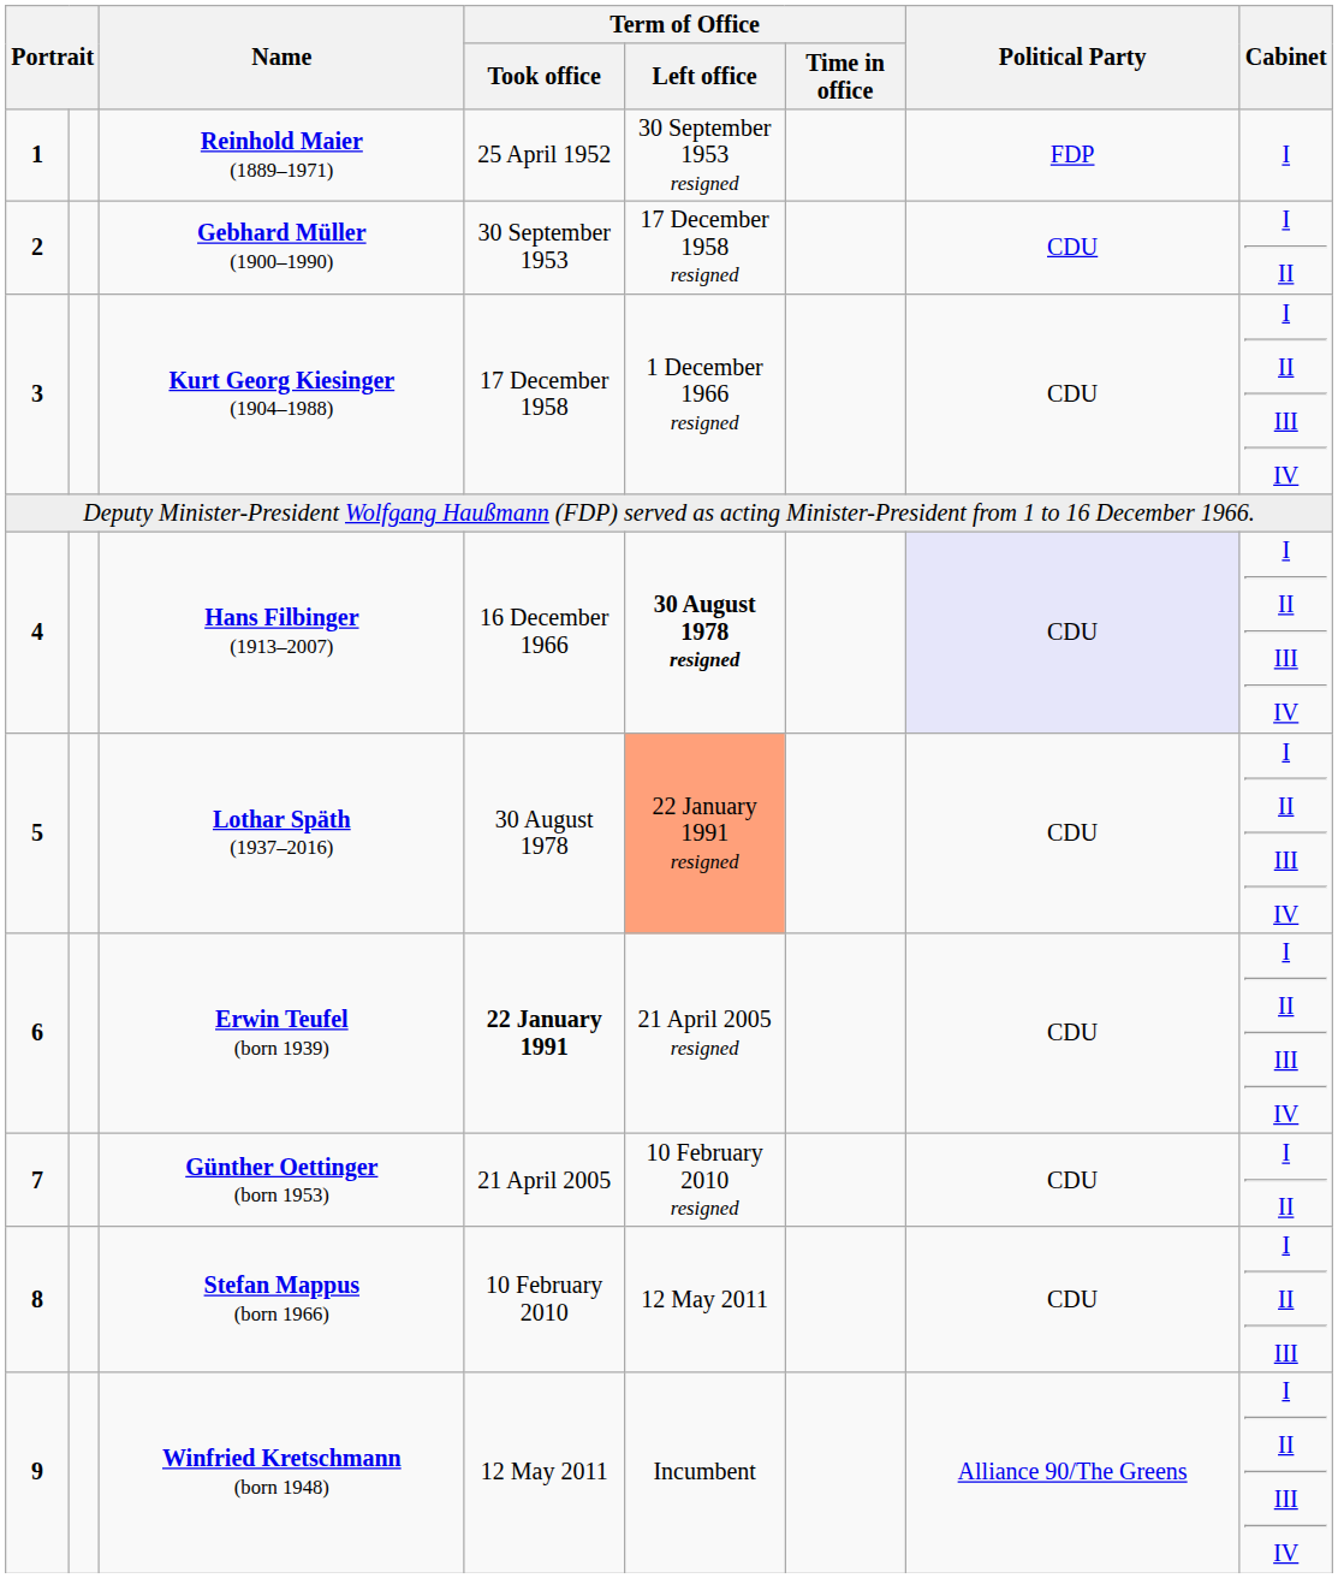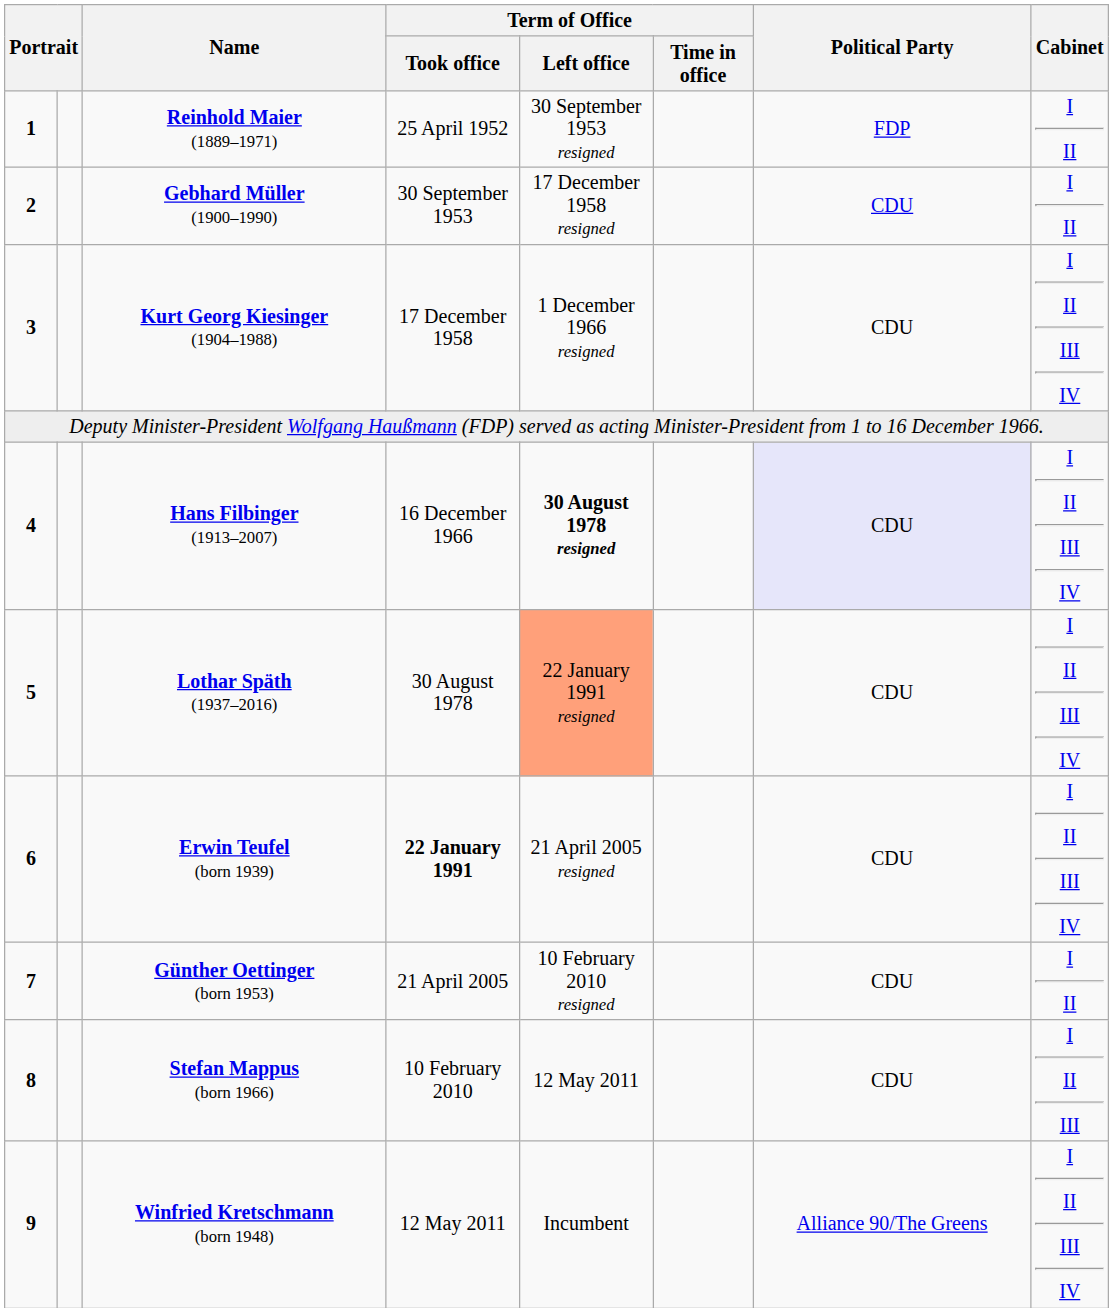 <table class="wikitable" style="text-align:center; width:100%; border:1px #AAAAFF solid">
 <tr>
 <th width=80px rowspan=2 colspan=2>Portrait</th>
 <th width=30% rowspan=2>Name<br></th>
 <th width=35% colspan=3>Term of Office</th>
 <th width=28% rowspan=2>Political Party</th>
 <th width=28% rowspan=2>Cabinet</th>
 </tr>
 <tr>
 <th>Took office</th>
 <th>Left office</th>
 <th>Time in office</th>
 </tr>
 <tr>
 <td style="background:"><strong>1</strong></td>
 <td></td>
 <td><strong><a href='#'>Reinhold Maier</a></strong><br><small>(1889–1971)</small></td>
 <td>25 April 1952</td>
 <td>30 September 1953<br><small><em>resigned</em></small></td>
 <td></td>
 <td><a href='#'>FDP</a></td>
-<td><a href='#'>I</a></td>
+<td><a href='#'>I</a><hr><a href='#'>II</a></td>
 </tr>
 <tr>
 <td style="background:"><strong>2</strong></td>
 <td></td>
 <td><strong><a href='#'>Gebhard Müller</a></strong><br><small>(1900–1990)</small></td>
 <td>30 September 1953</td>
 <td>17 December 1958<br><small><em>resigned</em></small></td>
 <td></td>
 <td><a href='#'>CDU</a></td>
 <td><a href='#'>I</a><hr><a href='#'>II</a></td>
 </tr>
 <tr>
 <td style="background:"><strong>3</strong></td>
 <td></td>
 <td><strong><a href='#'>Kurt Georg Kiesinger</a></strong><br><small>(1904–1988)</small></td>
 <td>17 December 1958</td>
 <td>1 December 1966<br><small><em>resigned</em></small></td>
 <td></td>
 <td>CDU</td>
 <td><a href='#'>I</a><hr><a href='#'>II</a><hr><a href='#'>III</a><hr><a href='#'>IV</a></td>
 </tr>
 <tr>
 <td bgcolor=#EEEEEE colspan=10><em>Deputy Minister-President <a href='#'>Wolfgang Haußmann</a> (FDP) served as acting Minister-President from 1 to 16 December 1966.</em></td>
 </tr>
 <tr>
 <td style="background:"><strong>4</strong></td>
 <td></td>
 <td><strong><a href='#'>Hans Filbinger</a></strong> <br><small>(1913–2007)</small></td>
 <td>16 December 1966</td>
 <td><strong>30 August 1978<br><small><em>resigned</em></small></strong></td>
 <td></td>
 <td style="background: lavender;">CDU</td>
 <td><a href='#'>I</a><hr><a href='#'>II</a><hr><a href='#'>III</a><hr><a href='#'>IV</a></td>
 </tr>
 <tr>
 <td style="background:"><strong>5</strong></td>
 <td></td>
 <td><strong><a href='#'>Lothar Späth</a></strong><br><small>(1937–2016)</small></td>
 <td>30 August 1978</td>
 <td style="background: lightsalmon;">22 January 1991<br><small><em>resigned</em></small></td>
 <td></td>
 <td>CDU</td>
 <td><a href='#'>I</a><hr><a href='#'>II</a><hr><a href='#'>III</a><hr><a href='#'>IV</a></td>
 </tr>
 <tr>
 <td style="background:"><strong>6</strong></td>
 <td></td>
 <td><strong><a href='#'>Erwin Teufel</a></strong><br><small>(born 1939)</small></td>
 <td><strong>22 January 1991</strong></td>
 <td>21 April 2005<br><small><em>resigned</em></small></td>
 <td></td>
 <td>CDU</td>
 <td><a href='#'>I</a><hr><a href='#'>II</a><hr><a href='#'>III</a><hr><a href='#'>IV</a></td>
 </tr>
 <tr>
 <td style="background:"><strong>7</strong></td>
 <td></td>
 <td><strong><a href='#'>Günther Oettinger</a></strong><br><small>(born 1953)</small></td>
 <td>21 April 2005</td>
 <td>10 February 2010<br><small><em>resigned</em></small></td>
 <td></td>
 <td>CDU</td>
 <td><a href='#'>I</a><hr><a href='#'>II</a></td>
 </tr>
 <tr>
 <td style="background:"><strong>8</strong></td>
 <td></td>
 <td><strong><a href='#'>Stefan Mappus</a></strong><br><small>(born 1966)</small></td>
 <td>10 February 2010</td>
 <td>12 May 2011</td>
 <td></td>
 <td>CDU</td>
 <td><a href='#'>I</a><hr><a href='#'>II</a><hr><a href='#'>III</a></td>
 </tr>
 <tr>
 <td style="background:"><strong>9</strong></td>
 <td></td>
 <td><strong><a href='#'>Winfried Kretschmann</a></strong><br><small>(born 1948)</small></td>
 <td>12 May 2011</td>
 <td>Incumbent</td>
 <td></td>
 <td><a href='#'>Alliance 90/The Greens</a></td>
 <td><a href='#'>I</a><hr><a href='#'>II</a><hr><a href='#'>III</a><hr><a href='#'>IV</a></td>
 </tr>
 </table>
